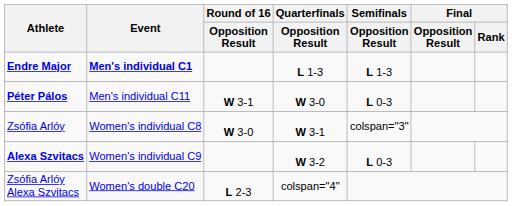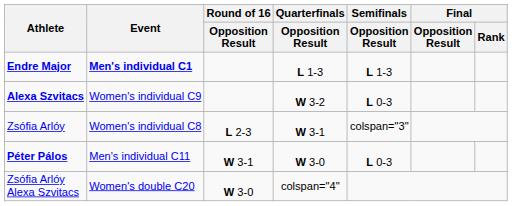 <table class=wikitable style="font-size:90%">
 <tr align=center>
 <th rowspan="2">Athlete</th>
 <th rowspan="2">Event</th>
 <th>Round of 16</th>
 <th>Quarterfinals</th>
 <th>Semifinals</th>
 <th colspan="2">Final</th>
 </tr>
 <tr>
 <th>Opposition<br>Result</th>
 <th>Opposition<br>Result</th>
 <th>Opposition<br>Result</th>
 <th>Opposition<br>Result</th>
 <th>Rank</th>
 </tr>
 <tr align=center>
 <td align=left><strong><a href='#'>Endre Major</a></strong></td>
 <td align=left><strong><a href='#'>Men's individual C1</a></strong></td>
 <td></td>
 <td><br><strong>L</strong> 1-3</td>
 <td><br><strong>L</strong> 1-3</td>
 <td></td>
 <td></td>
 </tr>
 <tr align=center>
+<td align=left><strong><a href='#'>Alexa Szvitacs</a></strong></td>
+<td align=left><a href='#'>Women's individual C9</a></td>
+<td></td>
+<td><br><strong>W</strong> 3-2</td>
+<td><br><strong>L</strong> 0-3</td>
+<td></td>
+<td></td>
+</tr>
+<tr align="center">
+<td align="left"><a href='#'>Zsófia Arlóy</a></td>
+<td align="left"><a href='#'>Women's individual C8</a></td>
+<td><br><strong>L</strong> 2-3</td>
+<td><br><strong>W</strong> 3-1</td>
+<td>colspan="3" </td>
+</tr>
+<tr align=center>
 <td align=left><strong><a href='#'>Péter Pálos</a></strong></td>
 <td align=left><a href='#'>Men's individual C11</a></td>
 <td><br><strong>W</strong> 3-1</td>
 <td><br><strong>W</strong> 3-0</td>
 <td><br><strong>L</strong> 0-3</td>
 <td></td>
 <td></td>
 </tr>
-<tr align="center">
-<td align="left"><a href='#'>Zsófia Arlóy</a></td>
-<td align="left"><a href='#'>Women's individual C8</a></td>
-<td><br><strong>W</strong> 3-0</td>
-<td><br><strong>W</strong> 3-1</td>
-<td>colspan="3" </td>
-</tr>
-<tr align=center>
-<td align=left><strong><a href='#'>Alexa Szvitacs</a></strong></td>
-<td align=left><a href='#'>Women's individual C9</a></td>
-<td></td>
-<td><br><strong>W</strong> 3-2</td>
-<td><br><strong>L</strong> 0-3</td>
-<td></td>
-<td></td>
-</tr>
 <tr align=center>
 <td align=left><a href='#'>Zsófia Arlóy</a><br><a href='#'>Alexa Szvitacs</a></td>
 <td align=left><a href='#'>Women's double C20</a></td>
-<td><br><strong>L</strong> 2-3</td>
+<td><br><strong>W</strong> 3-0</td>
 <td>colspan="4" </td>
 </tr>
 </table>
